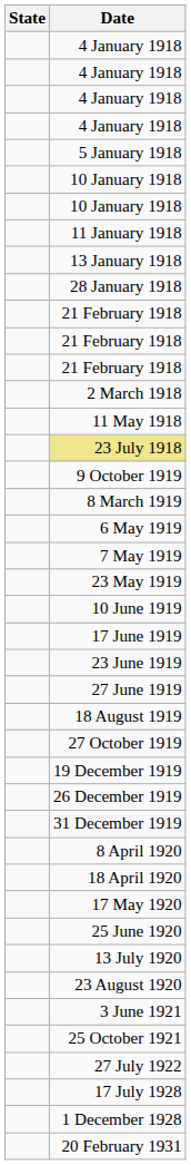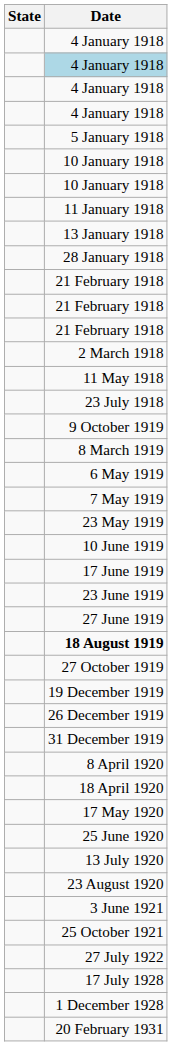 <table class="wikitable">
 <tr>
 <th>State</th>
 <th>Date </th>
 </tr>
 <tr>
 <td data-sort-value="Venäjä"></td>
 <td align=right data-sort-value="19180104">4 January 1918</td>
 </tr>
 <tr>
 <td></td>
-<td align=right data-sort-value="19180104">4 January 1918</td>
+<td align=right data-sort-value="19180104" style="background: lightblue;">4 January 1918</td>
 </tr>
 <tr>
 <td></td>
 <td align=right data-sort-value="19180104">4 January 1918</td>
 </tr>
 <tr>
 <td></td>
 <td align=right data-sort-value="19180104">4 January 1918</td>
 </tr>
 <tr>
 <td></td>
 <td align=right data-sort-value="19180105">5 January 1918</td>
 </tr>
 <tr>
 <td></td>
 <td align=right data-sort-value="19180110">10 January 1918</td>
 </tr>
 <tr>
 <td></td>
 <td align=right data-sort-value="19180110">10 January 1918</td>
 </tr>
 <tr>
 <td></td>
 <td align=right data-sort-value="19180111">11 January 1918</td>
 </tr>
 <tr>
 <td></td>
 <td align=right data-sort-value="19180113">13 January 1918</td>
 </tr>
 <tr>
 <td></td>
 <td align=right data-sort-value="19180128">28 January 1918</td>
 </tr>
 <tr>
 <td></td>
 <td align=right data-sort-value="19180221">21 February 1918</td>
 </tr>
 <tr>
 <td></td>
 <td align=right data-sort-value="19180221">21 February 1918</td>
 </tr>
 <tr>
 <td></td>
 <td align=right data-sort-value="19180227">21 February 1918</td>
 </tr>
 <tr>
 <td></td>
 <td align=right>2 March 1918</td>
 </tr>
 <tr>
 <td></td>
 <td align=right data-sort-value="19180511">11 May 1918</td>
 </tr>
 <tr>
 <td></td>
-<td align=right data-sort-value="19180723" style="background: khaki;">23 July 1918</td>
+<td align=right data-sort-value="19180723">23 July 1918</td>
 </tr>
 <tr>
 <td></td>
 <td align=right data-sort-value="19181009">9  October 1919</td>
 </tr>
 <tr>
 <td></td>
 <td align=right data-sort-value="19190308">8  March 1919</td>
 </tr>
 <tr>
 <td></td>
 <td align=right data-sort-value="19190506">6 May 1919</td>
 </tr>
 <tr>
 <td></td>
 <td align=right data-sort-value="19190507">7 May 1919</td>
 </tr>
 <tr>
 <td></td>
 <td align=right data-sort-value="19190523">23 May 1919</td>
 </tr>
 <tr>
 <td></td>
 <td align=right data-sort-value="19190610">10 June 1919</td>
 </tr>
 <tr>
 <td></td>
 <td align=right data-sort-value="19190617">17 June 1919</td>
 </tr>
 <tr>
 <td></td>
 <td align=right data-sort-value="19190623">23 June 1919</td>
 </tr>
 <tr>
 <td></td>
 <td align=right data-sort-value="19190627">27 June 1919</td>
 </tr>
 <tr>
 <td></td>
-<td align=right data-sort-value="19190818">18 August 1919</td>
+<td align=right data-sort-value="19190818"><strong>18 August 1919</strong></td>
 </tr>
 <tr>
 <td></td>
 <td align=right data-sort-value="19191027">27  October 1919</td>
 </tr>
 <tr>
 <td></td>
 <td align=right data-sort-value="19191219">19 December 1919</td>
 </tr>
 <tr>
 <td></td>
 <td align=right data-sort-value="19191226">26 December 1919</td>
 </tr>
 <tr>
 <td></td>
 <td align=right data-sort-value="19191231">31 December 1919</td>
 </tr>
 <tr>
 <td></td>
 <td align=right data-sort-value="19191219">8 April 1920</td>
 </tr>
 <tr>
 <td></td>
 <td align=right data-sort-value="19191219">18 April 1920</td>
 </tr>
 <tr>
 <td></td>
 <td align=right data-sort-value="19191219">17 May 1920</td>
 </tr>
 <tr>
 <td></td>
 <td align=right data-sort-value="19191219">25 June 1920</td>
 </tr>
 <tr>
 <td></td>
 <td align=right data-sort-value="19191219">13 July 1920</td>
 </tr>
 <tr>
 <td></td>
 <td align=right data-sort-value="19191219">23 August 1920</td>
 </tr>
 <tr>
 <td></td>
 <td align=right data-sort-value="19191219">3 June 1921</td>
 </tr>
 <tr>
 <td></td>
 <td align=right data-sort-value="19191219">25  October 1921</td>
 </tr>
 <tr>
 <td> </td>
 <td align=right data-sort-value="19191219">27 July 1922</td>
 </tr>
 <tr>
 <td></td>
 <td align=right data-sort-value="19191219">17 July 1928</td>
 </tr>
 <tr>
 <td></td>
 <td align=right data-sort-value="19191219">1 December 1928</td>
 </tr>
 <tr>
 <td></td>
 <td align=right data-sort-value="19191219">20 February 1931</td>
 </tr>
 </table>
